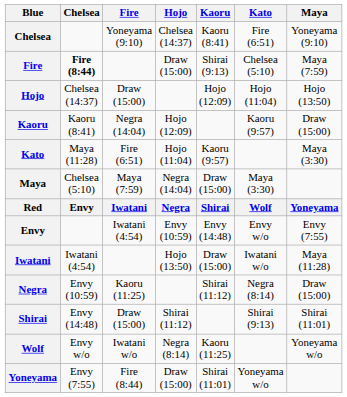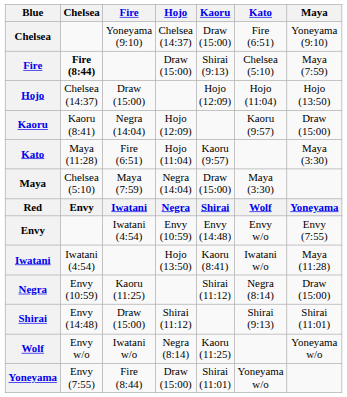 <table class="wikitable" style="text-align:center; margin: 1em auto 1em auto;" width="25%">
 <tr>
 <th>Blue</th>
 <th>Chelsea</th>
 <th><a href='#'>Fire</a></th>
 <th><a href='#'>Hojo</a></th>
 <th><a href='#'>Kaoru</a></th>
 <th><a href='#'>Kato</a></th>
 <th>Maya</th>
 </tr>
 <tr>
 <th>Chelsea</th>
 <td></td>
 <td>Yoneyama<br>(9:10)</td>
 <td>Chelsea<br>(14:37)</td>
-<td>Kaoru<br>(8:41)</td>
+<td>Draw<br>(15:00)</td>
 <td>Fire<br>(6:51)</td>
 <td>Yoneyama<br>(9:10)</td>
 </tr>
 <tr>
 <th><a href='#'>Fire</a></th>
 <td><strong>Fire<br>(8:44)</strong></td>
 <td></td>
 <td>Draw<br>(15:00)</td>
 <td>Shirai<br>(9:13)</td>
 <td>Chelsea<br>(5:10)</td>
 <td>Maya<br>(7:59)</td>
 </tr>
 <tr>
 <th><a href='#'>Hojo</a></th>
 <td>Chelsea<br>(14:37)</td>
 <td>Draw<br>(15:00)</td>
 <td></td>
 <td>Hojo<br>(12:09)</td>
 <td>Hojo<br>(11:04)</td>
 <td>Hojo<br>(13:50)</td>
 </tr>
 <tr>
 <th><a href='#'>Kaoru</a></th>
 <td>Kaoru<br>(8:41)</td>
 <td>Negra<br>(14:04)</td>
 <td>Hojo<br>(12:09)</td>
 <td></td>
 <td>Kaoru<br>(9:57)</td>
 <td>Draw<br>(15:00)</td>
 </tr>
 <tr>
 <th><a href='#'>Kato</a></th>
 <td>Maya<br>(11:28)</td>
 <td>Fire<br>(6:51)</td>
 <td>Hojo<br>(11:04)</td>
 <td>Kaoru<br>(9:57)</td>
 <td></td>
 <td>Maya<br>(3:30)</td>
 </tr>
 <tr>
 <th>Maya</th>
 <td>Chelsea<br>(5:10)</td>
 <td>Maya<br>(7:59)</td>
 <td>Negra<br>(14:04)</td>
 <td>Draw<br>(15:00)</td>
 <td>Maya<br>(3:30)</td>
 <td></td>
 </tr>
 <tr>
 <th>Red</th>
 <th>Envy</th>
 <th><a href='#'>Iwatani</a></th>
 <th><a href='#'>Negra</a></th>
 <th><a href='#'>Shirai</a></th>
 <th><a href='#'>Wolf</a></th>
 <th><a href='#'>Yoneyama</a></th>
 </tr>
 <tr>
 <th>Envy</th>
 <td></td>
 <td>Iwatani<br>(4:54)</td>
 <td>Envy<br>(10:59)</td>
 <td>Envy<br>(14:48)</td>
 <td>Envy<br>w/o</td>
 <td>Envy<br>(7:55)</td>
 </tr>
 <tr>
 <th><a href='#'>Iwatani</a></th>
 <td>Iwatani<br>(4:54)</td>
 <td></td>
 <td>Hojo<br>(13:50)</td>
-<td>Draw<br>(15:00)</td>
+<td>Kaoru<br>(8:41)</td>
 <td>Iwatani<br>w/o</td>
 <td>Maya<br>(11:28)</td>
 </tr>
 <tr>
 <th><a href='#'>Negra</a></th>
 <td>Envy<br>(10:59)</td>
 <td>Kaoru<br>(11:25)</td>
 <td></td>
 <td>Shirai<br>(11:12)</td>
 <td>Negra<br>(8:14)</td>
 <td>Draw<br>(15:00)</td>
 </tr>
 <tr>
 <th><a href='#'>Shirai</a></th>
 <td>Envy<br>(14:48)</td>
 <td>Draw<br>(15:00)</td>
 <td>Shirai<br>(11:12)</td>
 <td></td>
 <td>Shirai<br>(9:13)</td>
 <td>Shirai<br>(11:01)</td>
 </tr>
 <tr>
 <th><a href='#'>Wolf</a></th>
 <td>Envy<br>w/o</td>
 <td>Iwatani<br>w/o</td>
 <td>Negra<br>(8:14)</td>
 <td>Kaoru<br>(11:25)</td>
 <td></td>
 <td>Yoneyama<br>w/o</td>
 </tr>
 <tr>
 <th><a href='#'>Yoneyama</a></th>
 <td>Envy<br>(7:55)</td>
 <td>Fire<br>(8:44)</td>
 <td>Draw<br>(15:00)</td>
 <td>Shirai<br>(11:01)</td>
 <td>Yoneyama<br>w/o</td>
 <td></td>
 </tr>
 </table>
